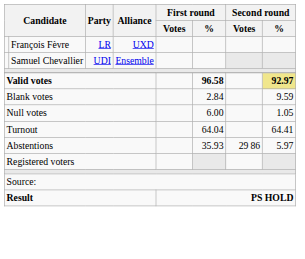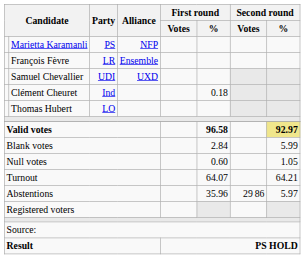 <table class="wikitable" style="text-align:right;font-size:95%;">
 <tr>
 <th colspan="2" rowspan="2">Candidate</th>
 <th colspan="1" rowspan="2">Party</th>
 <th colspan="1" rowspan="2">Alliance</th>
 <th colspan="2">First round</th>
 <th colspan="2">Second round</th>
 </tr>
 <tr>
 <th style="width:50px;">Votes</th>
 <th style="width:45px;">%</th>
 <th style="width:50px;">Votes</th>
 <th style="width:45px;">%</th>
 </tr>
 <tr>
 <td style="color:inherit;background:"></td>
+<td style="text-align:left;"><a href='#'>Marietta Karamanli</a></td>
+<td><a href='#'>PS</a></td>
+<td><a href='#'>NFP</a></td>
+<td><strong></strong></td>
+<td><strong></strong></td>
+<td><strong></strong></td>
+<td><strong></strong></td>
+</tr>
+<tr>
+<td style="color:inherit;background:"></td>
 <td style="text-align:left;">François Fèvre</td>
 <td><a href='#'>LR</a></td>
-<td><a href='#'>UXD</a></td>
+<td><a href='#'>Ensemble</a></td>
 <td><strong></strong></td>
 <td><strong></strong></td>
 <td></td>
 <td></td>
 </tr>
 <tr>
 <td style="color:inherit;background:"></td>
 <td style="text-align:left;">Samuel Chevallier</td>
 <td><a href='#'>UDI</a></td>
-<td><a href='#'>Ensemble</a></td>
+<td><a href='#'>UXD</a></td>
+<td></td>
+<td></td>
+<td style="background:#E9E9E9;"></td>
+<td style="background:#E9E9E9;"></td>
+</tr>
+<tr>
+<td style="color:inherit;background:"></td>
+<td style="text-align:left;">Clément Cheuret</td>
+<td><a href='#'>Ind</a></td>
+<td></td>
+<td></td>
+<td>0.18</td>
+<td style="background:#E9E9E9;"></td>
+<td style="background:#E9E9E9;"></td>
+</tr>
+<tr>
+<td style="color:inherit;background:"></td>
+<td style="text-align:left;">Thomas Hubert</td>
+<td><a href='#'>LO</a></td>
+<td></td>
 <td></td>
 <td></td>
 <td style="background:#E9E9E9;"></td>
 <td style="background:#E9E9E9;"></td>
 </tr>
 <tr>
 <td colspan="8" style="background:#E9E9E9;"></td>
 </tr>
 <tr>
 </tr>
 <tr style="font-weight:bold;">
 <td colspan="4" style="text-align:left;">Valid votes</td>
 <td></td>
 <td>96.58</td>
 <td></td>
 <td style="background: khaki;">92.97</td>
 </tr>
 <tr>
 <td colspan="4" style="text-align:left;">Blank votes</td>
 <td></td>
 <td>2.84</td>
 <td></td>
-<td>9.59</td>
+<td>5.99</td>
 </tr>
 <tr>
 <td colspan="4" style="text-align:left;">Null votes</td>
 <td></td>
-<td>6.00</td>
+<td>0.60</td>
 <td></td>
 <td>1.05</td>
 </tr>
 <tr>
 <td colspan="4" style="text-align:left;">Turnout</td>
 <td></td>
-<td>64.04</td>
+<td>64.07</td>
 <td></td>
-<td>64.41</td>
+<td>64.21</td>
 </tr>
 <tr>
 <td colspan="4" style="text-align:left;">Abstentions</td>
 <td></td>
-<td>35.93</td>
+<td>35.96</td>
 <td>29 86</td>
 <td>5.97</td>
 </tr>
 <tr>
 <td colspan="4" style="text-align:left;">Registered voters</td>
 <td></td>
 <td style="background:#E9E9E9;"></td>
 <td></td>
 <td style="background:#E9E9E9;"></td>
 </tr>
 <tr>
 <td colspan="8" style="background:#E9E9E9;"></td>
 </tr>
 <tr>
 <td colspan="8" style="text-align:left;">Source: </td>
 </tr>
 <tr style="font-weight:bold">
 <td colspan="4" style="text-align:left;">Result</td>
 <td colspan="4" style="background-color:">PS HOLD</td>
 </tr>
 </table>
